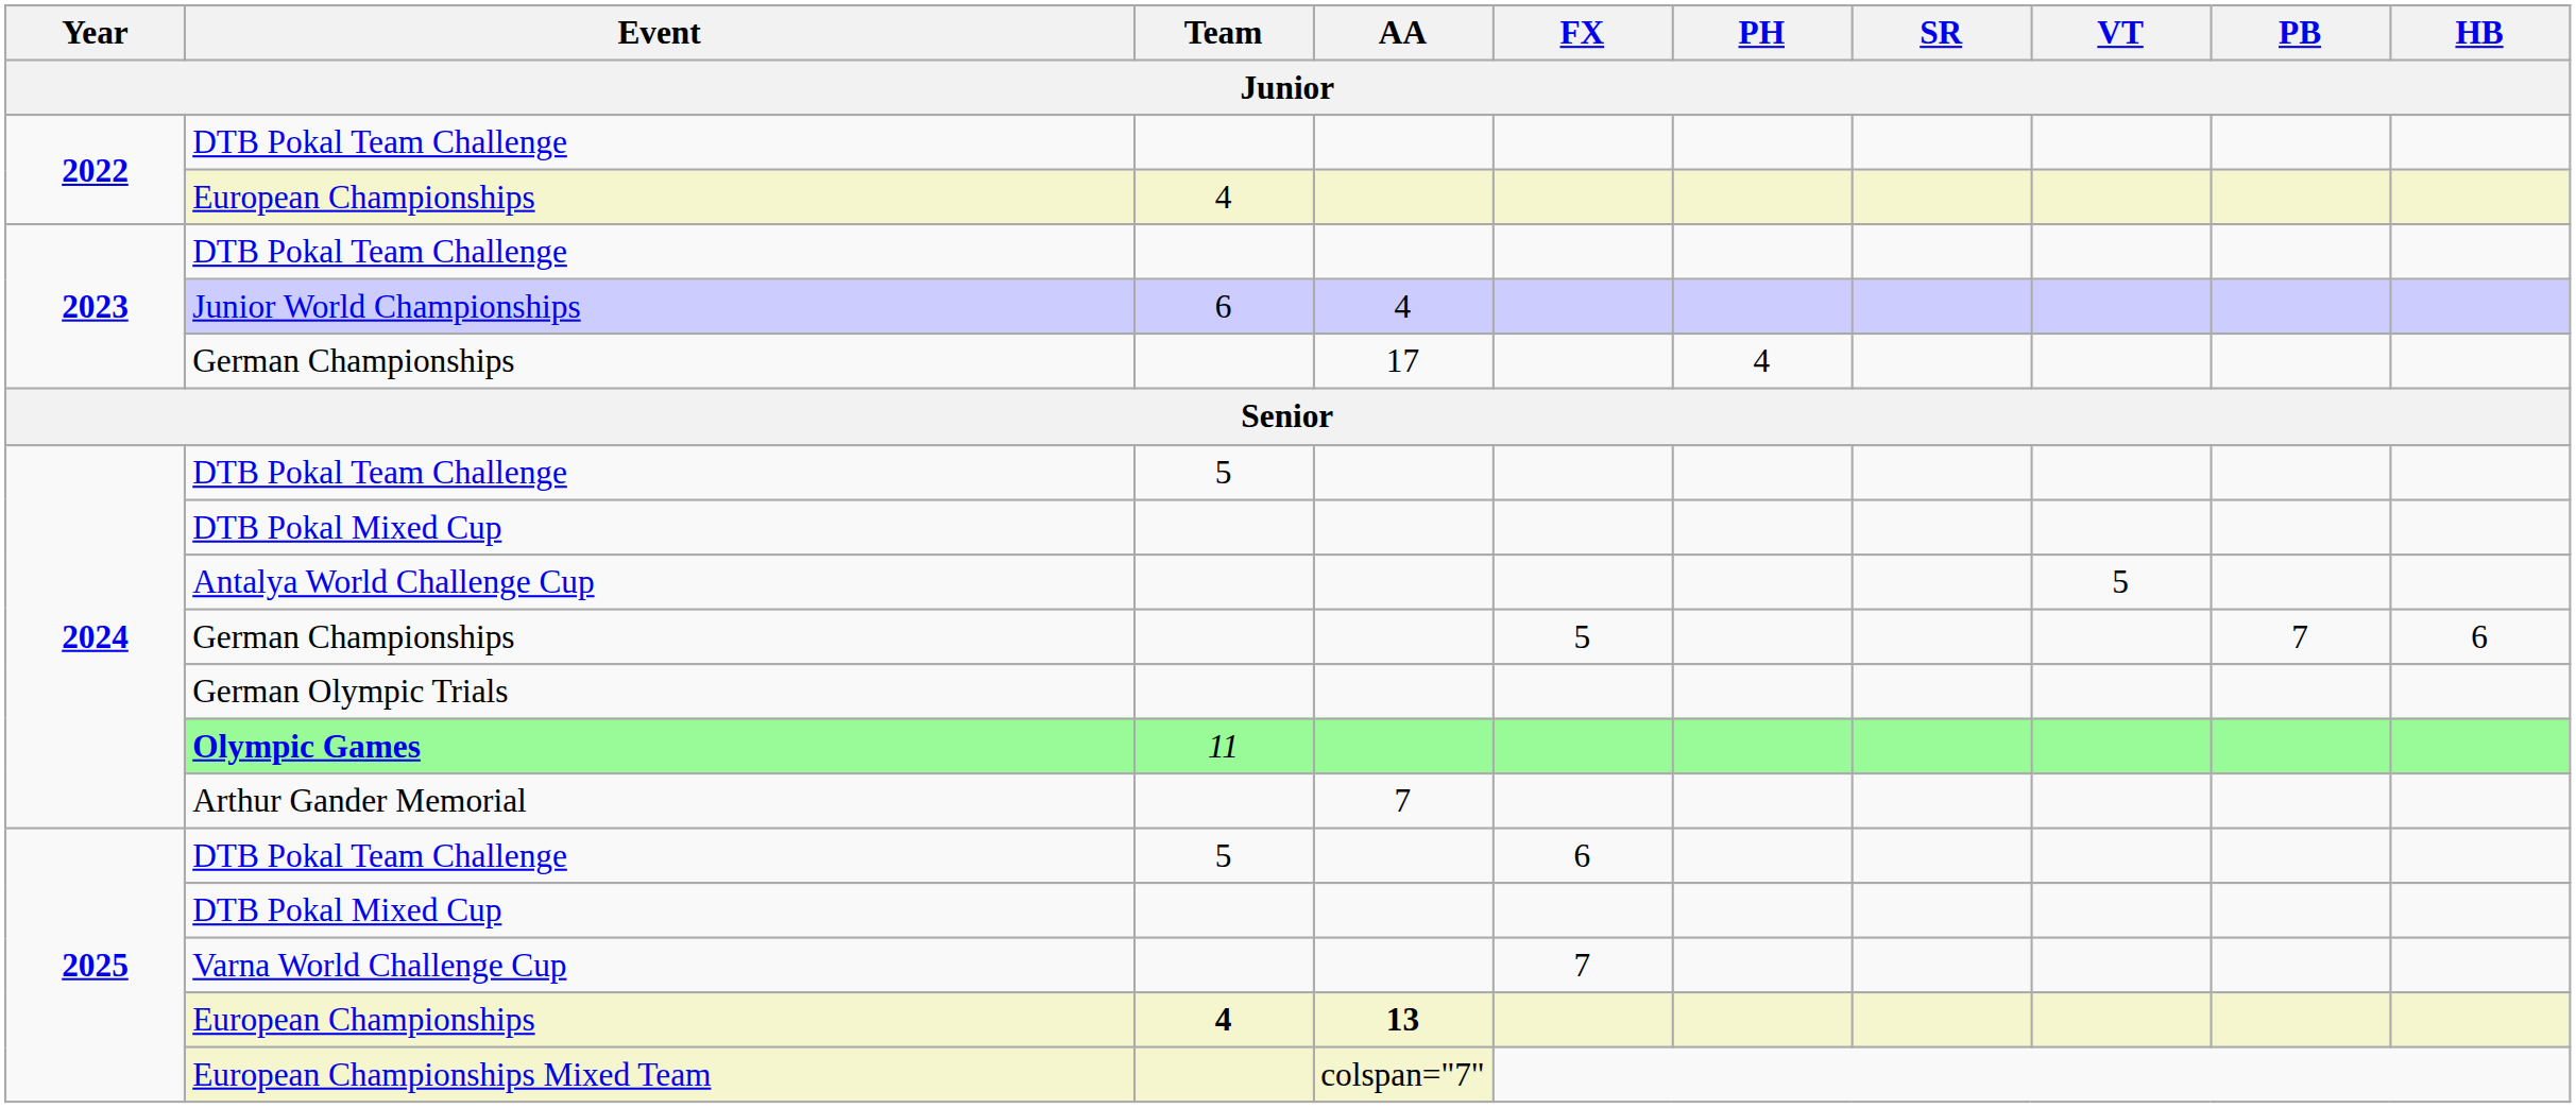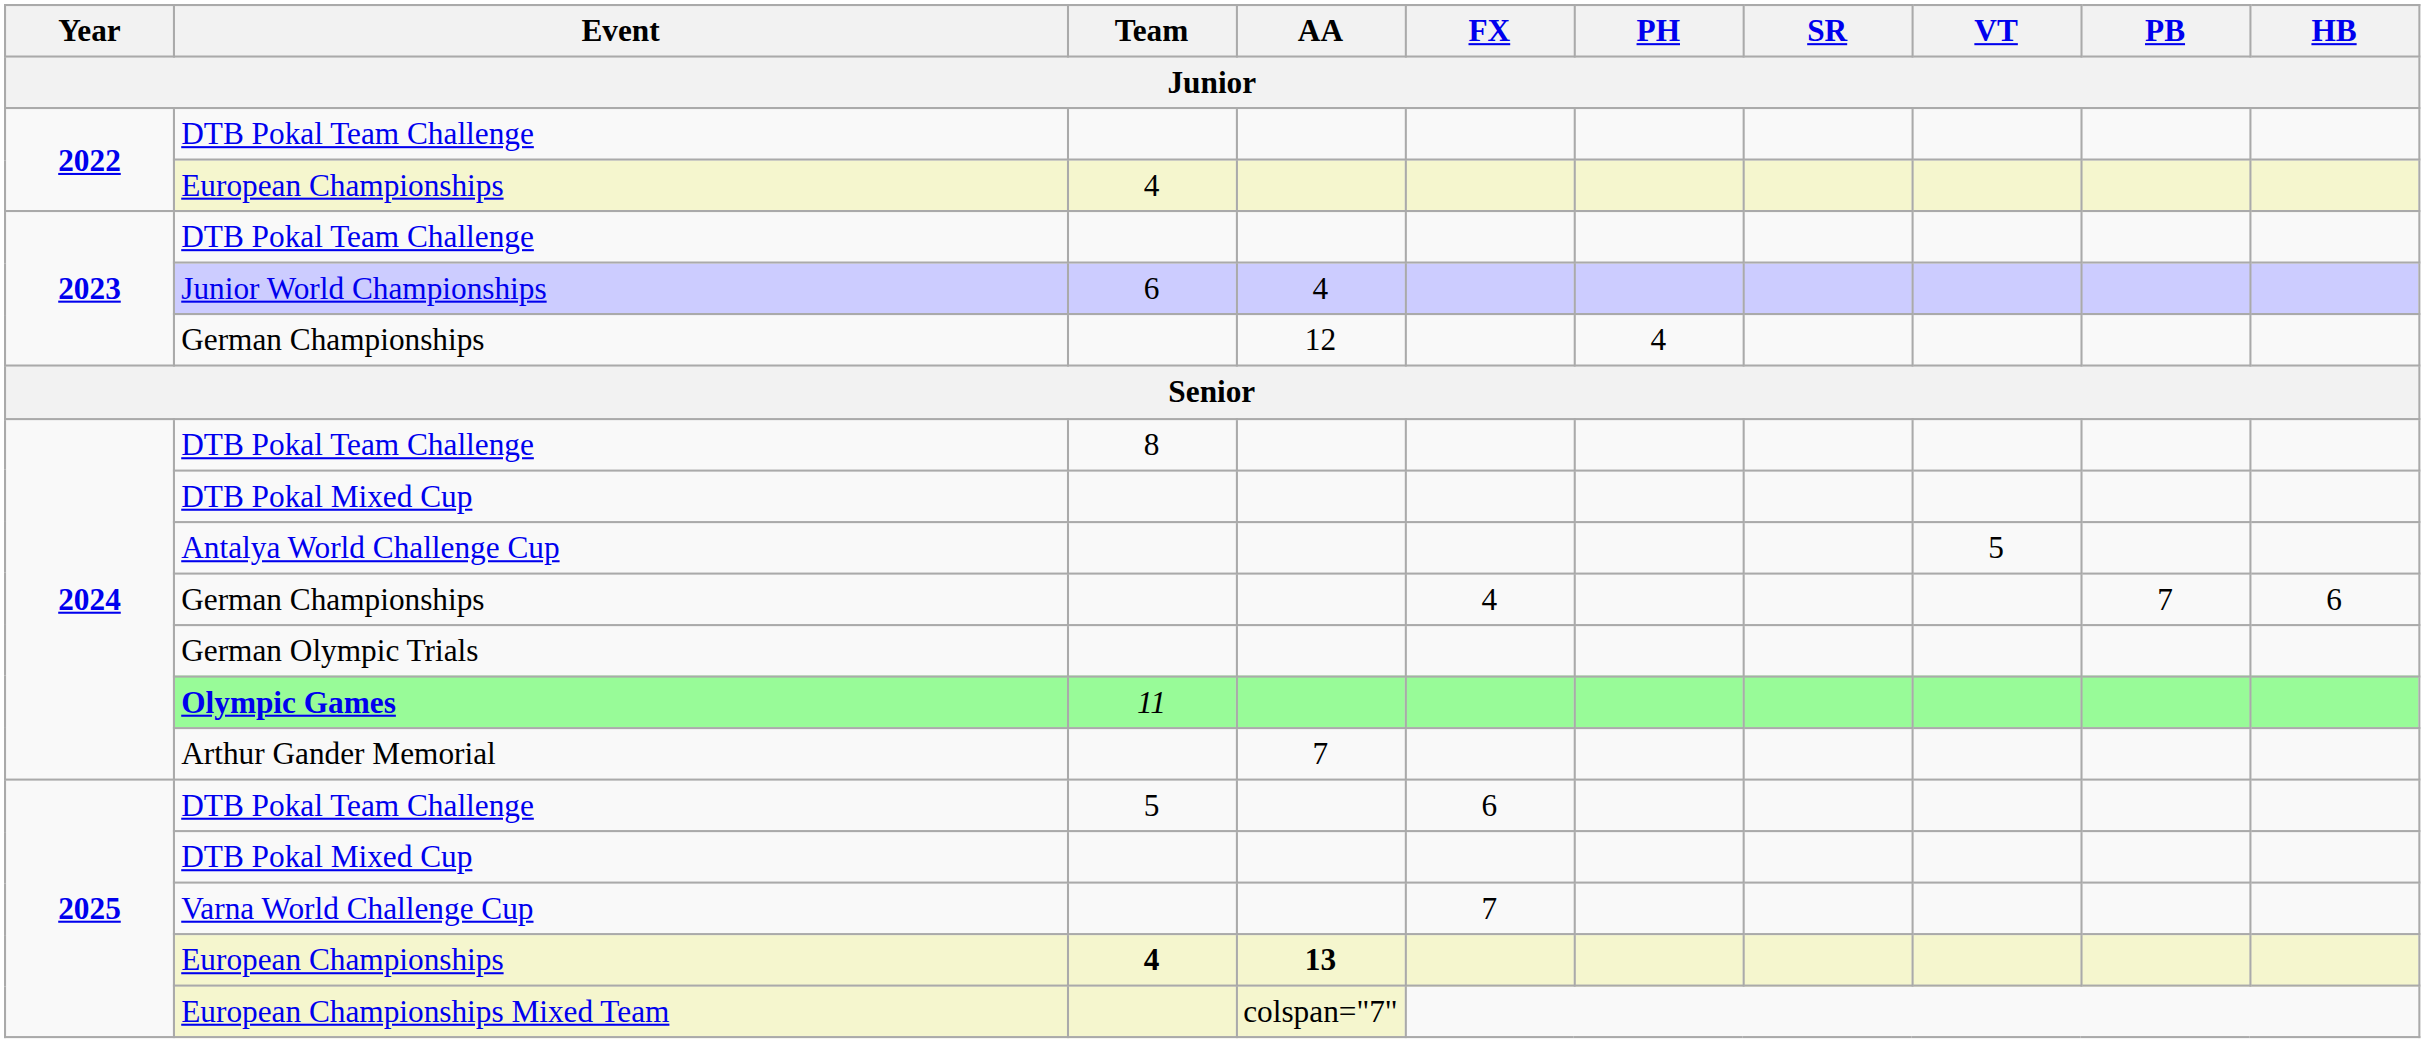 <table class="wikitable sortable" style="text-align:center; font-size:95%;">
 <tr>
 <th width=7% class=unsortable>Year</th>
 <th width=37% class=unsortable>Event</th>
 <th width=7% class=unsortable>Team</th>
 <th width=7% class=unsortable>AA</th>
 <th width=7% class=unsortable><a href='#'>FX</a></th>
 <th width=7% class=unsortable><a href='#'>PH</a></th>
 <th width=7% class=unsortable><a href='#'>SR</a></th>
 <th width=7% class=unsortable><a href='#'>VT</a></th>
 <th width=7% class=unsortable><a href='#'>PB</a></th>
 <th width=7% class=unsortable><a href='#'>HB</a></th>
 </tr>
 <tr>
 <th colspan="10">Junior</th>
 </tr>
 <tr>
 <td rowspan="2"><strong><a href='#'>2022</a></strong></td>
 <td align=left><a href='#'>DTB Pokal Team Challenge</a></td>
 <td></td>
 <td></td>
 <td></td>
 <td></td>
 <td></td>
 <td></td>
 <td></td>
 <td></td>
 </tr>
 <tr bgcolor=#F5F6CE>
 <td align=left><a href='#'>European Championships</a></td>
 <td>4</td>
 <td></td>
 <td></td>
 <td></td>
 <td></td>
 <td></td>
 <td></td>
 <td></td>
 </tr>
 <tr>
 <td rowspan="3"><strong><a href='#'>2023</a></strong></td>
 <td align=left><a href='#'>DTB Pokal Team Challenge</a></td>
 <td></td>
 <td></td>
 <td></td>
 <td></td>
 <td></td>
 <td></td>
 <td></td>
 <td></td>
 </tr>
 <tr style="background:#ccf;">
 <td align=left><a href='#'>Junior World Championships</a></td>
 <td>6</td>
 <td>4</td>
 <td></td>
 <td></td>
 <td></td>
 <td></td>
 <td></td>
 <td></td>
 </tr>
 <tr>
 <td align=left>German Championships</td>
 <td></td>
-<td>17</td>
+<td>12</td>
 <td></td>
 <td>4</td>
 <td></td>
 <td></td>
 <td></td>
 <td></td>
 </tr>
 <tr>
 <th colspan="10">Senior</th>
 </tr>
 <tr>
 <td rowspan="7"><strong><a href='#'>2024</a></strong></td>
 <td align=left><a href='#'>DTB Pokal Team Challenge</a></td>
-<td>5</td>
+<td>8</td>
 <td></td>
 <td></td>
 <td></td>
 <td></td>
 <td></td>
 <td></td>
 <td></td>
 </tr>
 <tr>
 <td align=left><a href='#'>DTB Pokal Mixed Cup</a></td>
 <td></td>
 <td></td>
 <td></td>
 <td></td>
 <td></td>
 <td></td>
 <td></td>
 <td></td>
 </tr>
 <tr>
 <td align=left><a href='#'>Antalya World Challenge Cup</a></td>
 <td></td>
 <td></td>
 <td></td>
 <td></td>
 <td></td>
 <td>5</td>
 <td></td>
 <td></td>
 </tr>
 <tr>
 <td align=left>German Championships</td>
 <td></td>
 <td></td>
-<td>5</td>
+<td>4</td>
 <td></td>
 <td></td>
 <td></td>
 <td>7</td>
 <td>6</td>
 </tr>
 <tr>
 <td align=left>German Olympic Trials</td>
 <td></td>
 <td></td>
 <td></td>
 <td></td>
 <td></td>
 <td></td>
 <td></td>
 <td></td>
 </tr>
 <tr bgcolor=98FB98>
 <td align=left><strong><a href='#'>Olympic Games</a></strong></td>
 <td><em>11</em></td>
 <td></td>
 <td></td>
 <td></td>
 <td></td>
 <td></td>
 <td></td>
 <td></td>
 </tr>
 <tr>
 <td align=left>Arthur Gander Memorial</td>
 <td></td>
 <td>7</td>
 <td></td>
 <td></td>
 <td></td>
 <td></td>
 <td></td>
 <td></td>
 </tr>
 <tr>
 <td rowspan="5"><strong><a href='#'>2025</a></strong></td>
 <td align=left><a href='#'>DTB Pokal Team Challenge</a></td>
 <td>5</td>
 <td></td>
 <td>6</td>
 <td></td>
 <td></td>
 <td></td>
 <td></td>
 <td></td>
 </tr>
 <tr>
 <td align=left><a href='#'>DTB Pokal Mixed Cup</a></td>
 <td></td>
 <td></td>
 <td></td>
 <td></td>
 <td></td>
 <td></td>
 <td></td>
 <td></td>
 </tr>
 <tr>
 <td align=left><a href='#'>Varna World Challenge Cup</a></td>
 <td></td>
 <td></td>
 <td>7</td>
 <td></td>
 <td></td>
 <td></td>
 <td></td>
 <td></td>
 </tr>
 <tr bgcolor=#F5F6CE>
 <td align=left><a href='#'>European Championships</a></td>
 <td><strong>4</strong></td>
 <td><strong>13</strong></td>
 <td></td>
 <td></td>
 <td></td>
 <td></td>
 <td></td>
 <td></td>
 </tr>
 <tr bgcolor=#F5F6CE>
 <td align=left><a href='#'>European Championships Mixed Team</a></td>
 <td></td>
 <td>colspan="7" </td>
 </tr>
 </table>
